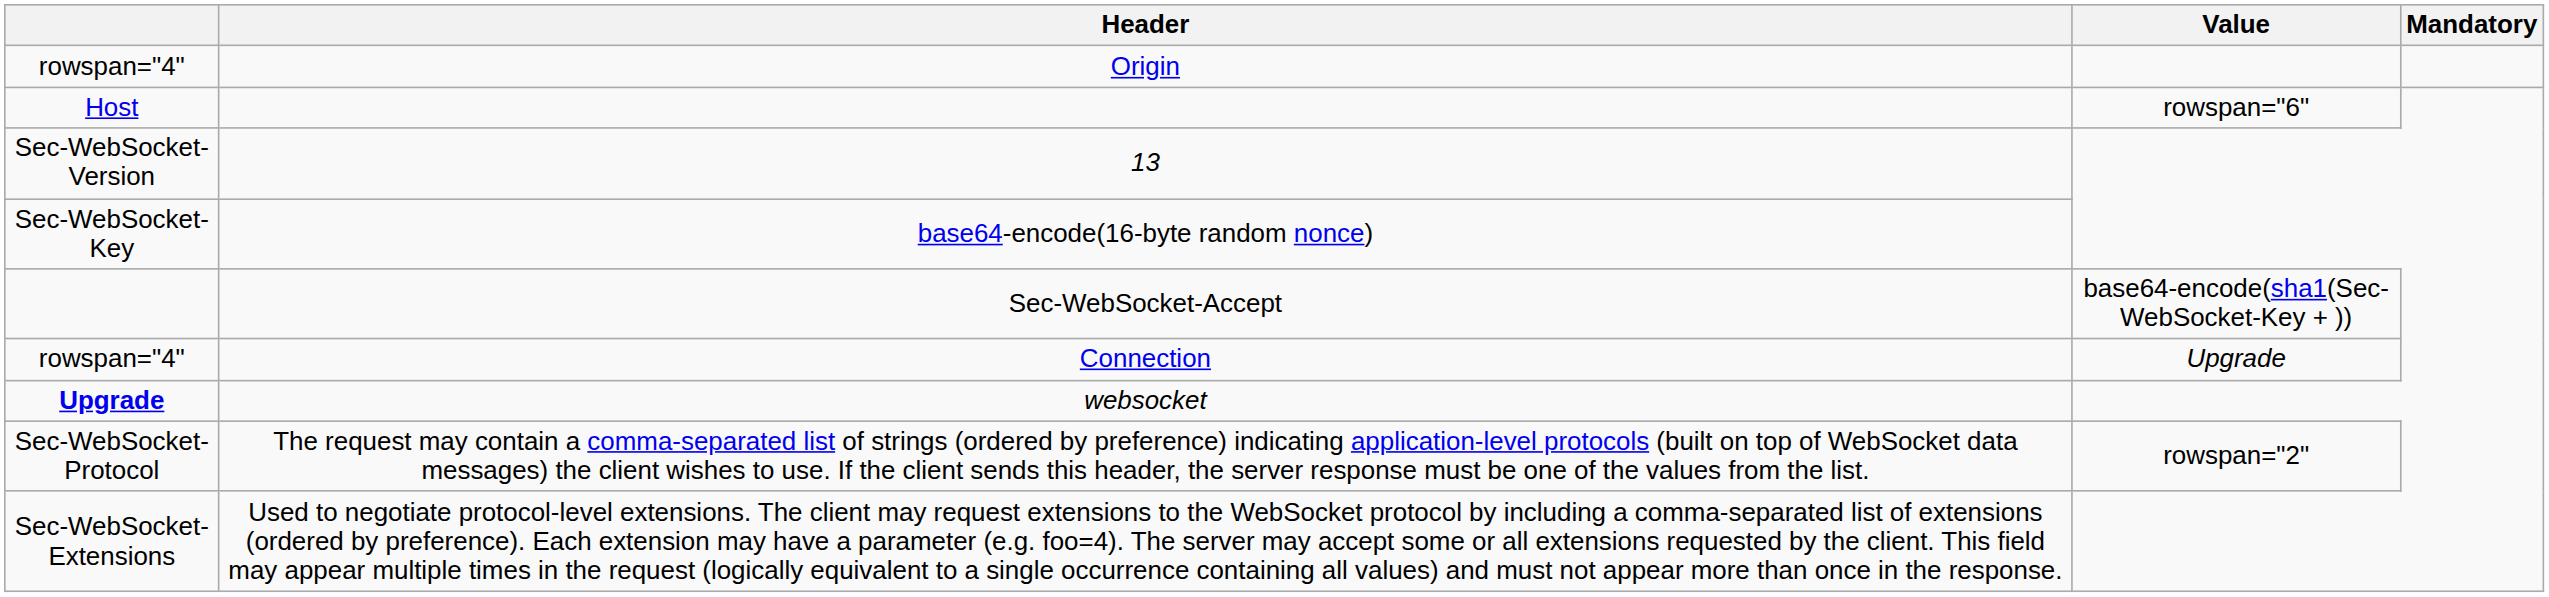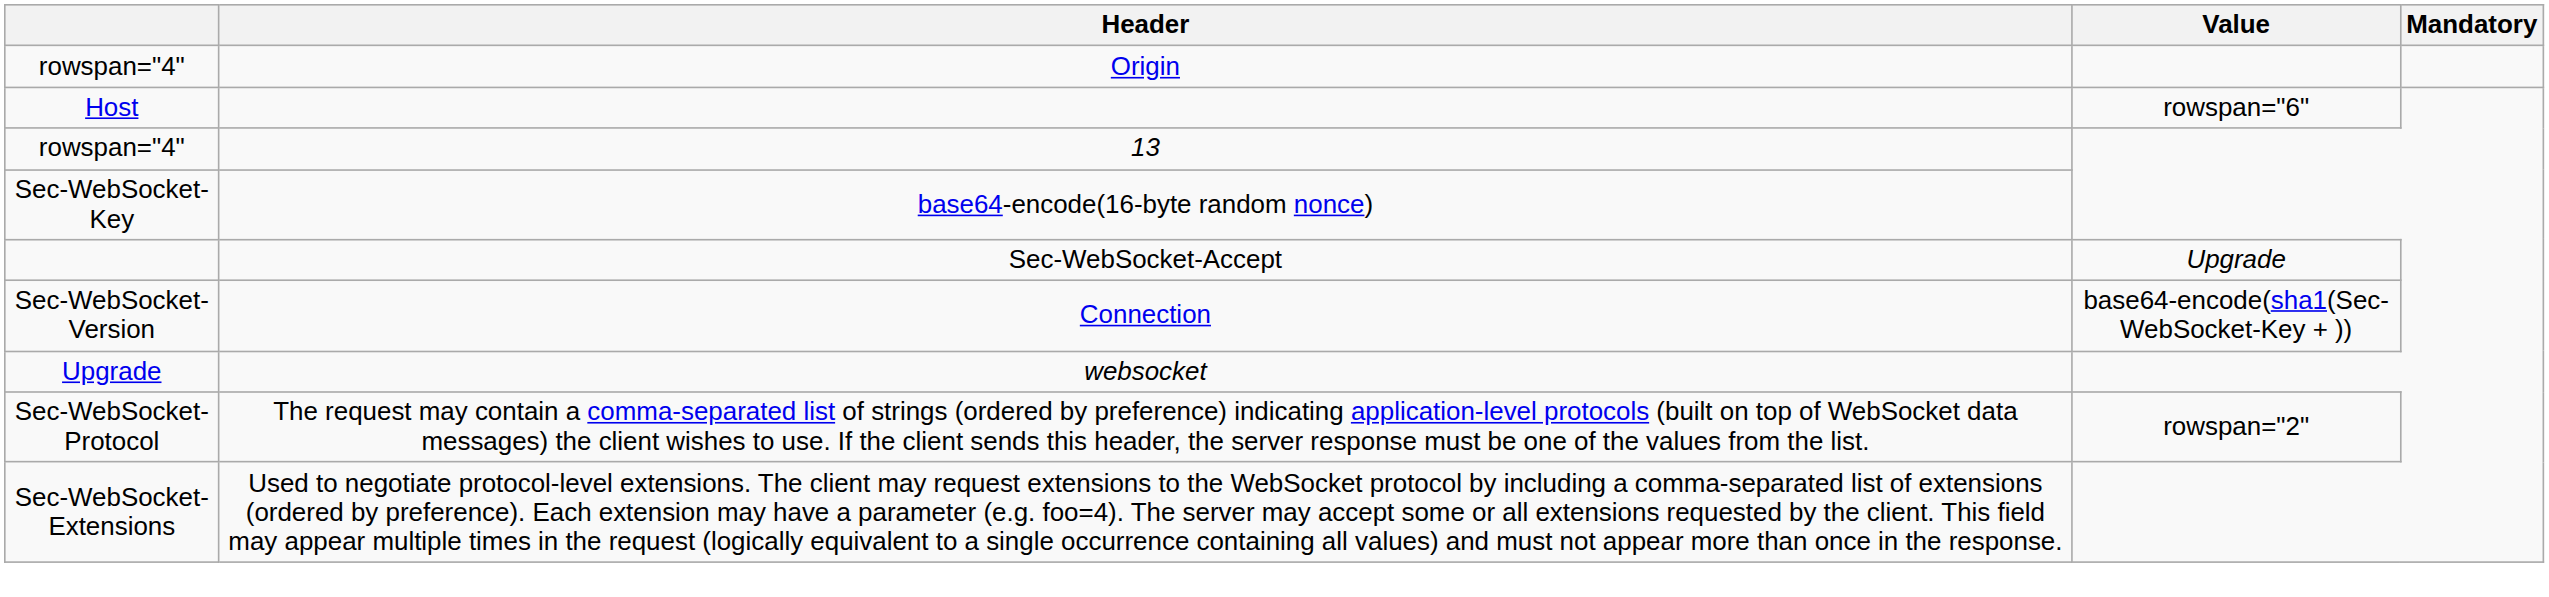 <table class="wikitable" style="text-align:center">
 <tr>
 <th></th>
 <th>Header</th>
 <th>Value</th>
 <th>Mandatory</th>
 </tr>
 <tr>
 <td>rowspan="4" </td>
 <td><a href='#'>Origin</a></td>
 <td></td>
 <td></td>
 </tr>
 <tr>
 <td><a href='#'>Host</a></td>
 <td></td>
 <td>rowspan="6" </td>
 </tr>
 <tr>
-<td>Sec-WebSocket-Version</td>
+<td>rowspan="4" </td>
 <td><em>13</em></td>
 </tr>
 <tr>
 <td>Sec-WebSocket-Key</td>
 <td><a href='#'>base64</a>-encode(16-byte random <a href='#'>nonce</a>)</td>
 </tr>
 <tr>
 <td></td>
 <td>Sec-WebSocket-Accept</td>
+<td><em>Upgrade</em></td>
+</tr>
+<tr>
+<td>Sec-WebSocket-Version</td>
+<td><a href='#'>Connection</a></td>
 <td>base64-encode(<a href='#'>sha1</a>(Sec-WebSocket-Key + ))</td>
 </tr>
 <tr>
-<td>rowspan="4" </td>
-<td><a href='#'>Connection</a></td>
-<td><em>Upgrade</em></td>
-</tr>
-<tr>
-<td><strong><a href='#'>Upgrade</a></strong></td>
+<td><a href='#'>Upgrade</a></td>
 <td><em>websocket</em></td>
 </tr>
 <tr>
 <td>Sec-WebSocket-Protocol</td>
 <td>The request may contain a <a href='#'>comma-separated list</a> of strings (ordered by preference) indicating <a href='#'>application-level protocols</a> (built on top of WebSocket data messages) the client wishes to use. If the client sends this header, the server response must be one of the values from the list.</td>
 <td>rowspan="2" </td>
 </tr>
 <tr>
 <td>Sec-WebSocket-Extensions</td>
 <td>Used to negotiate protocol-level extensions. The client may request extensions to the WebSocket protocol by including a comma-separated list of extensions (ordered by preference). Each extension may have a parameter (e.g. foo=4). The server may accept some or all extensions requested by the client. This field may appear multiple times in the request (logically equivalent to a single occurrence containing all values) and must not appear more than once in the response.</td>
 </tr>
 </table>
